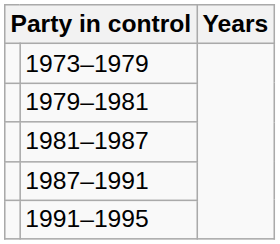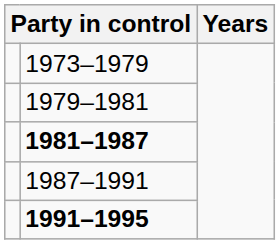 <table class="wikitable">
 <tr>
 <th colspan="2">Party in control</th>
 <th>Years</th>
 </tr>
 <tr>
 <td></td>
 <td>1973–1979</td>
 </tr>
 <tr>
 <td></td>
 <td>1979–1981</td>
 </tr>
 <tr>
 <td></td>
-<td>1981–1987</td>
+<td><strong>1981–1987</strong></td>
 </tr>
 <tr>
 <td></td>
 <td>1987–1991</td>
 </tr>
 <tr>
 <td></td>
-<td>1991–1995</td>
+<td><strong>1991–1995</strong></td>
 </tr>
 </table>
